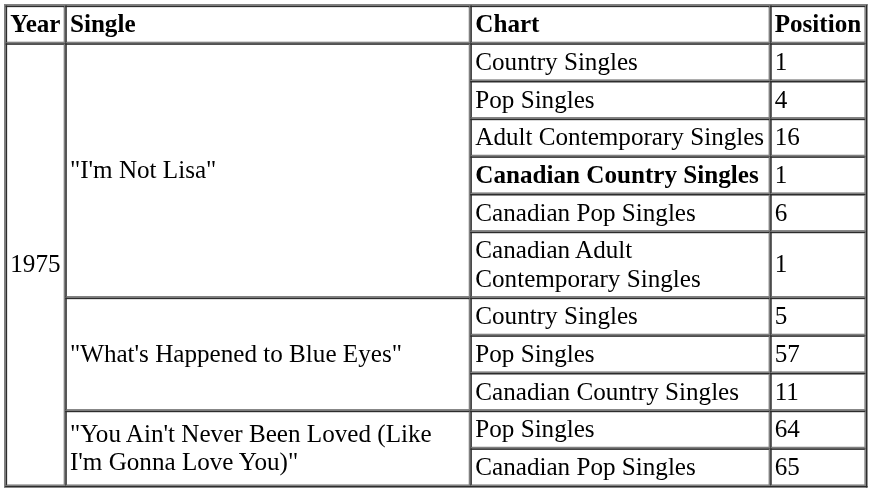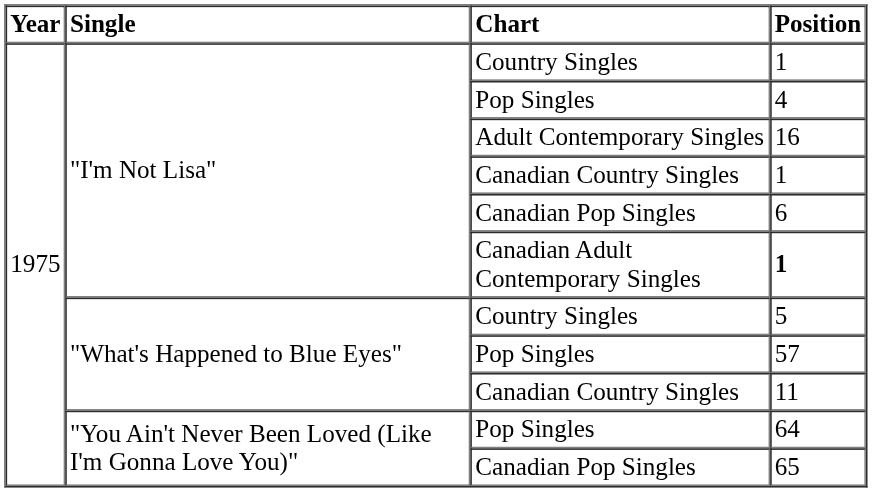 <table border=1 cellspacing=0 cellpadding=2 width="550px">
 <tr>
 <th align="left">Year</th>
 <th align="left">Single</th>
 <th align="left">Chart</th>
 <th align="left">Position</th>
 </tr>
 <tr>
 <td align="left" rowspan="11">1975</td>
 <td align="left" rowspan="6">"I'm Not Lisa"</td>
 <td align="left">Country Singles</td>
 <td align="left">1</td>
 </tr>
 <tr>
 <td align="left">Pop Singles</td>
 <td align="left">4</td>
 </tr>
 <tr>
 <td align="left">Adult Contemporary Singles</td>
 <td align="left">16</td>
 </tr>
 <tr>
-<td align="left"><strong>Canadian Country Singles</strong></td>
+<td align="left">Canadian Country Singles</td>
 <td align="left">1</td>
 </tr>
 <tr>
 <td align="left">Canadian Pop Singles</td>
 <td align="left">6</td>
 </tr>
 <tr>
 <td align="left">Canadian Adult Contemporary Singles</td>
-<td align="left">1</td>
+<td align="left"><strong>1</strong></td>
 </tr>
 <tr>
 <td align="left" rowspan="3">"What's Happened to Blue Eyes"</td>
 <td align="left">Country Singles</td>
 <td align="left">5</td>
 </tr>
 <tr>
 <td align="left">Pop Singles</td>
 <td align="left">57</td>
 </tr>
 <tr>
 <td align="left">Canadian Country Singles</td>
 <td align="left">11</td>
 </tr>
 <tr>
 <td align="left" rowspan="2">"You Ain't Never Been Loved (Like I'm Gonna Love You)"</td>
 <td align="left">Pop Singles</td>
 <td align="left">64</td>
 </tr>
 <tr>
 <td align="left">Canadian Pop Singles</td>
 <td align="left">65</td>
 </tr>
 <tr>
 </tr>
 </table>
